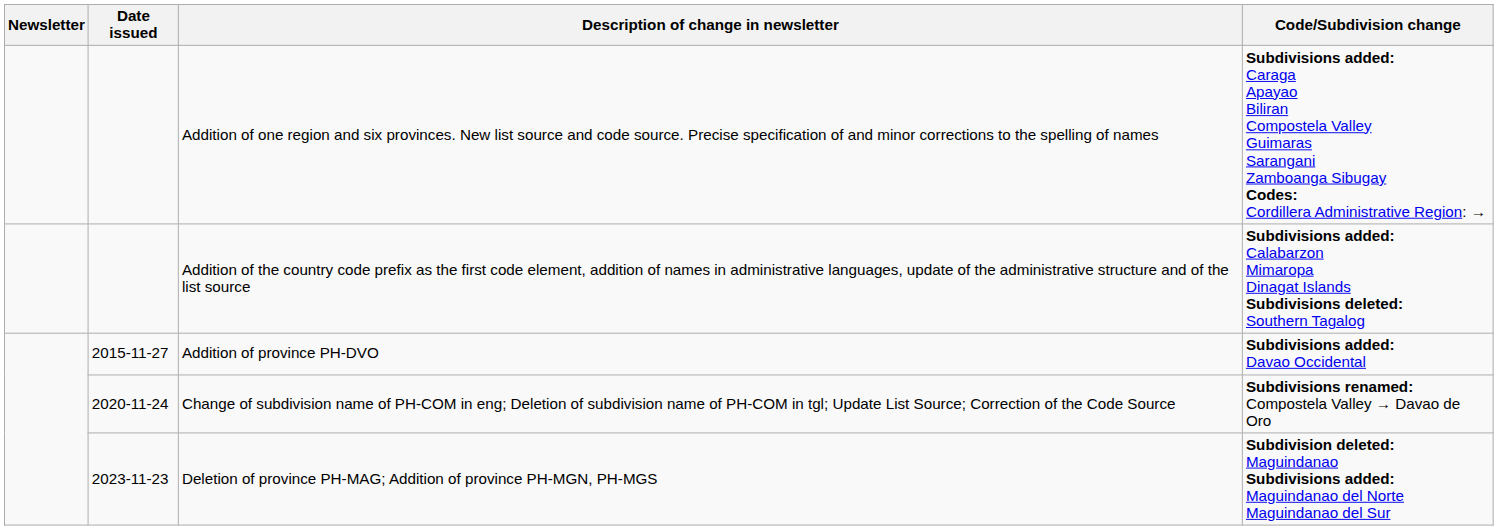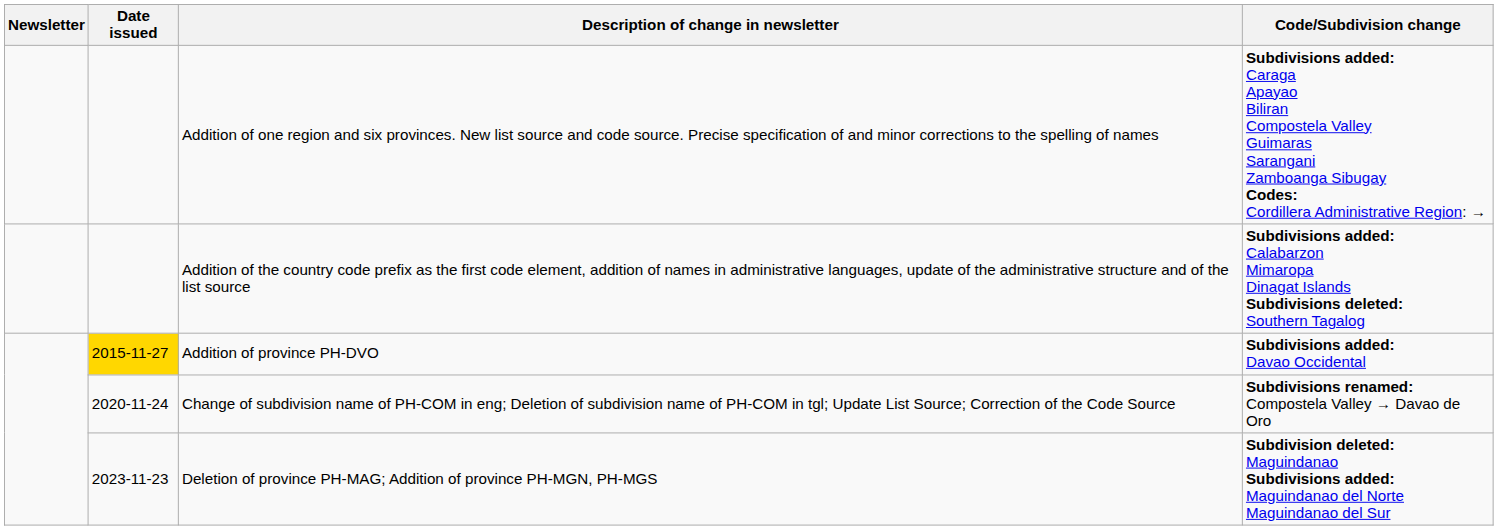 <table class="wikitable">
 <tr>
 <th>Newsletter</th>
 <th>Date issued</th>
 <th>Description of change in newsletter</th>
 <th>Code/Subdivision change</th>
 </tr>
 <tr>
 <td id="I-2"></td>
 <td></td>
 <td>Addition of one region and six provinces. New list source and code source. Precise specification of and minor corrections to the spelling of names</td>
 <td style=white-space:nowrap><strong>Subdivisions added:</strong><br>  <a href='#'>Caraga</a><br>  <a href='#'>Apayao</a><br>  <a href='#'>Biliran</a><br>  <a href='#'>Compostela Valley</a><br>  <a href='#'>Guimaras</a><br>  <a href='#'>Sarangani</a><br>  <a href='#'>Zamboanga Sibugay</a><br> <strong>Codes:</strong><br> <a href='#'>Cordillera Administrative Region</a>:  → </td>
 </tr>
 <tr>
 <td id="II-2"></td>
 <td></td>
 <td>Addition of the country code prefix as the first code element, addition of names in administrative languages, update of the administrative structure and of the list source</td>
 <td style=white-space:nowrap><strong>Subdivisions added:</strong><br>  <a href='#'>Calabarzon</a><br>  <a href='#'>Mimaropa</a><br>  <a href='#'>Dinagat Islands</a><br> <strong>Subdivisions deleted:</strong><br>  <a href='#'>Southern Tagalog</a></td>
 </tr>
 <tr>
 <td rowspan="3"></td>
-<td>2015-11-27</td>
+<td style="background: gold;">2015-11-27</td>
 <td>Addition of province PH-DVO</td>
 <td><strong>Subdivisions added:</strong><br>  <a href='#'>Davao Occidental</a></td>
 </tr>
 <tr>
 <td>2020-11-24</td>
 <td>Change of subdivision name of PH-COM in eng; Deletion of subdivision name of PH-COM in tgl; Update List Source; Correction of the Code Source</td>
 <td><strong>Subdivisions renamed:</strong><br>  Compostela Valley → Davao de Oro</td>
 </tr>
 <tr>
 <td>2023-11-23</td>
 <td>Deletion of province PH-MAG; Addition of province PH-MGN, PH-MGS</td>
 <td><strong>Subdivision deleted:</strong><br>  <a href='#'>Maguindanao</a><br><strong>Subdivisions added:</strong><br>  <a href='#'>Maguindanao del Norte</a><br>  <a href='#'>Maguindanao del Sur</a></td>
 </tr>
 </table>
